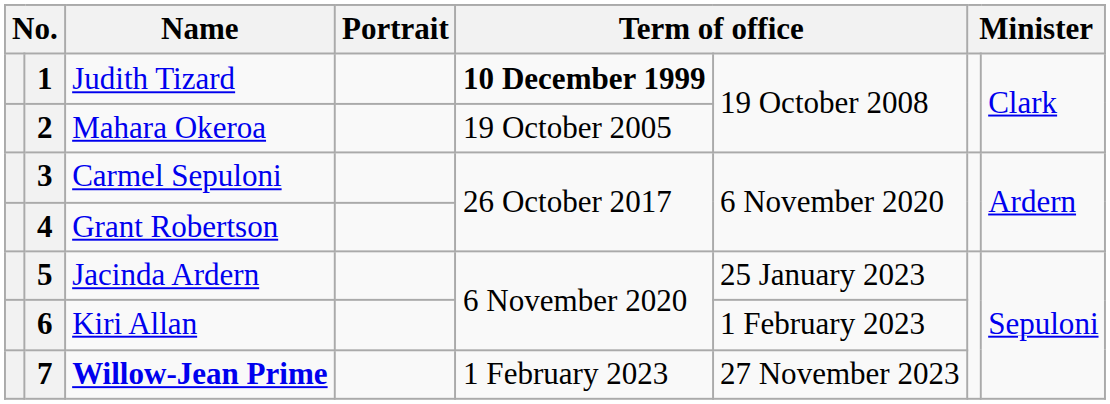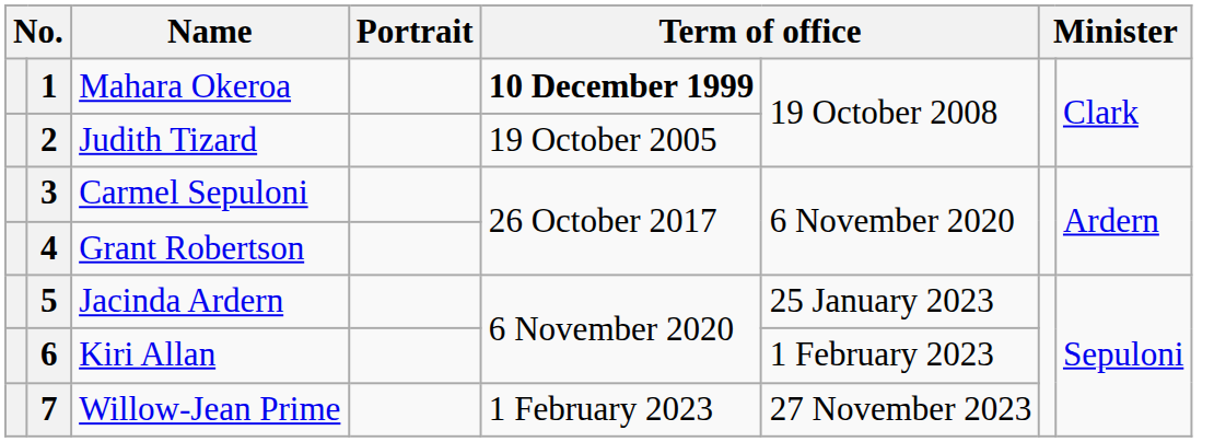 <table class="wikitable">
 <tr>
 <th colspan="2">No.</th>
 <th>Name</th>
 <th>Portrait</th>
 <th colspan="2">Term of office</th>
 <th colspan="2">Minister</th>
 </tr>
 <tr>
 <th style="color:inherit;background:"></th>
 <th>1</th>
-<td><a href='#'>Judith Tizard</a></td>
+<td><a href='#'>Mahara Okeroa</a></td>
 <td></td>
 <td><strong>10 December 1999</strong></td>
 <td rowspan="2">19 October 2008</td>
 <td rowspan="2" style="color:inherit;background:"></td>
 <td rowspan="2"><a href='#'>Clark</a></td>
 </tr>
 <tr>
 <th style="color:inherit;background:"></th>
 <th>2</th>
-<td><a href='#'>Mahara Okeroa</a></td>
+<td><a href='#'>Judith Tizard</a></td>
 <td></td>
 <td>19 October 2005</td>
 </tr>
 <tr>
 <th style="color:inherit;background:"></th>
 <th>3</th>
 <td><a href='#'>Carmel Sepuloni</a></td>
 <td></td>
 <td rowspan="2">26 October 2017</td>
 <td rowspan="2">6 November 2020</td>
 <td rowspan="2" style="color:inherit;background:"></td>
 <td rowspan="2"><a href='#'>Ardern</a></td>
 </tr>
 <tr>
 <th style="color:inherit;background:"></th>
 <th>4</th>
 <td><a href='#'>Grant Robertson</a></td>
 <td></td>
 </tr>
 <tr>
 <th style="color:inherit;background:"></th>
 <th>5</th>
 <td><a href='#'>Jacinda Ardern</a></td>
 <td></td>
 <td rowspan="2">6 November 2020</td>
 <td>25 January  2023</td>
 <td rowspan="3" style="color:inherit;background:"></td>
 <td rowspan="3"><a href='#'>Sepuloni</a></td>
 </tr>
 <tr>
 <th style="color:inherit;background:"></th>
 <th>6</th>
 <td><a href='#'>Kiri Allan</a></td>
 <td></td>
 <td>1 February 2023</td>
 </tr>
 <tr>
 <th style="color:inherit;background:"></th>
 <th>7</th>
-<td><strong><a href='#'>Willow-Jean Prime</a></strong></td>
+<td><a href='#'>Willow-Jean Prime</a></td>
 <td></td>
 <td>1 February 2023</td>
 <td>27 November 2023</td>
 </tr>
 </table>
